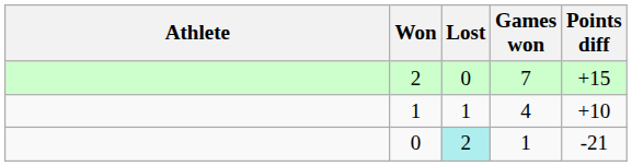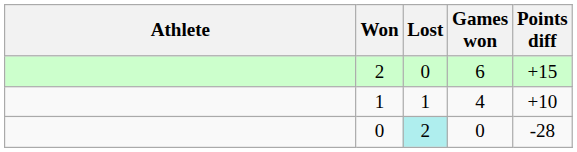 <table class="wikitable">
 <tr>
 <th style="width:18em">Athlete</th>
 <th>Won</th>
 <th>Lost</th>
 <th>Games<br>won</th>
 <th>Points<br>diff</th>
 </tr>
 <tr bgcolor="#ccffcc">
 <td></td>
 <td align="center">2</td>
 <td align="center">0</td>
-<td align="center">7</td>
+<td align="center">6</td>
 <td align="center">+15</td>
 </tr>
 <tr>
 <td></td>
 <td align="center">1</td>
 <td align="center">1</td>
 <td align="center">4</td>
 <td align="center">+10</td>
 </tr>
 <tr>
 <td></td>
 <td align="center">0</td>
 <td align="center" style="background: paleturquoise;">2</td>
-<td align="center">1</td>
-<td align="center">-21</td>
+<td align="center">0</td>
+<td align="center">-28</td>
 </tr>
 </table>
